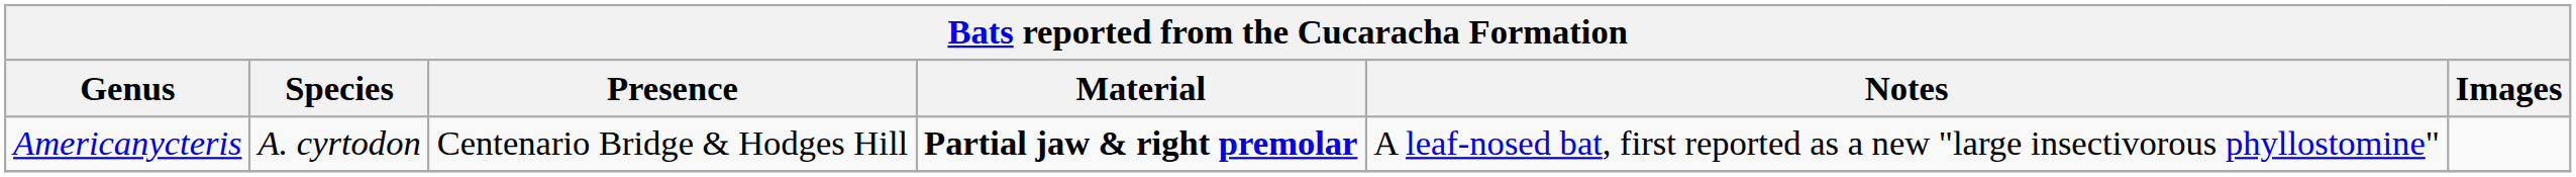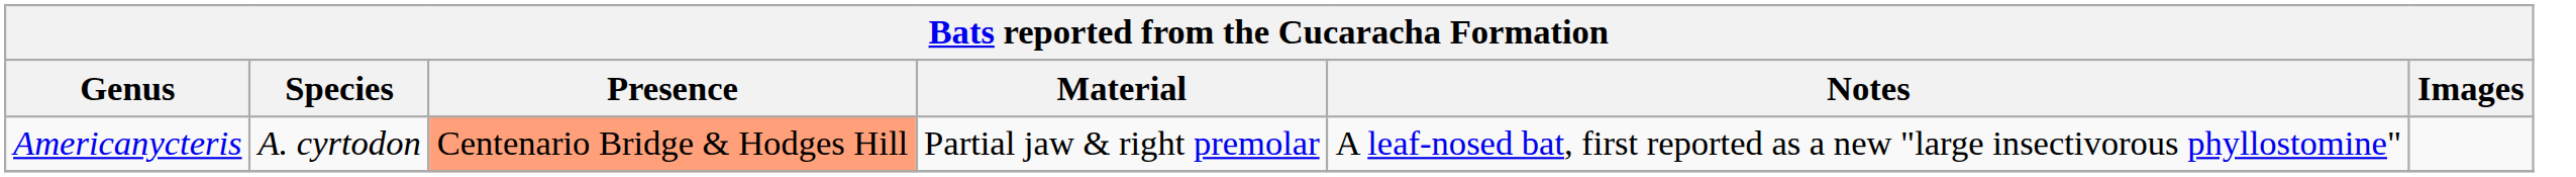 <table class="wikitable" align="center">
 <tr>
 <th colspan="6" align="center"><strong><a href='#'>Bats</a> reported from the Cucaracha Formation</strong></th>
 </tr>
 <tr>
 <th>Genus</th>
 <th>Species</th>
 <th>Presence</th>
 <th><strong>Material</strong></th>
 <th>Notes</th>
 <th>Images</th>
 </tr>
 <tr>
 <td><em><a href='#'>Americanycteris</a></em></td>
 <td><em>A. cyrtodon</em></td>
-<td>Centenario Bridge & Hodges Hill</td>
-<td><strong>Partial jaw & right <a href='#'>premolar</a></strong></td>
+<td style="background: lightsalmon;">Centenario Bridge & Hodges Hill</td>
+<td>Partial jaw & right <a href='#'>premolar</a></td>
 <td>A <a href='#'>leaf-nosed bat</a>, first reported as a new "large insectivorous <a href='#'>phyllostomine</a>"</td>
 <td></td>
 </tr>
 <tr>
 </tr>
 </table>
